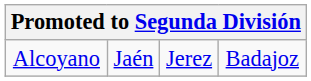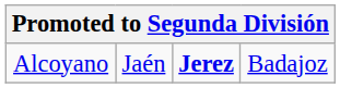 <table class="wikitable" style="text-align: center; margin: 0 auto;">
 <tr>
 <th colspan="4">Promoted to <a href='#'>Segunda División</a></th>
 </tr>
 <tr>
 <td><a href='#'>Alcoyano</a></td>
 <td><a href='#'>Jaén</a></td>
-<td><a href='#'>Jerez</a></td>
+<td><strong><a href='#'>Jerez</a></strong></td>
 <td><a href='#'>Badajoz</a></td>
 </tr>
 </table>
